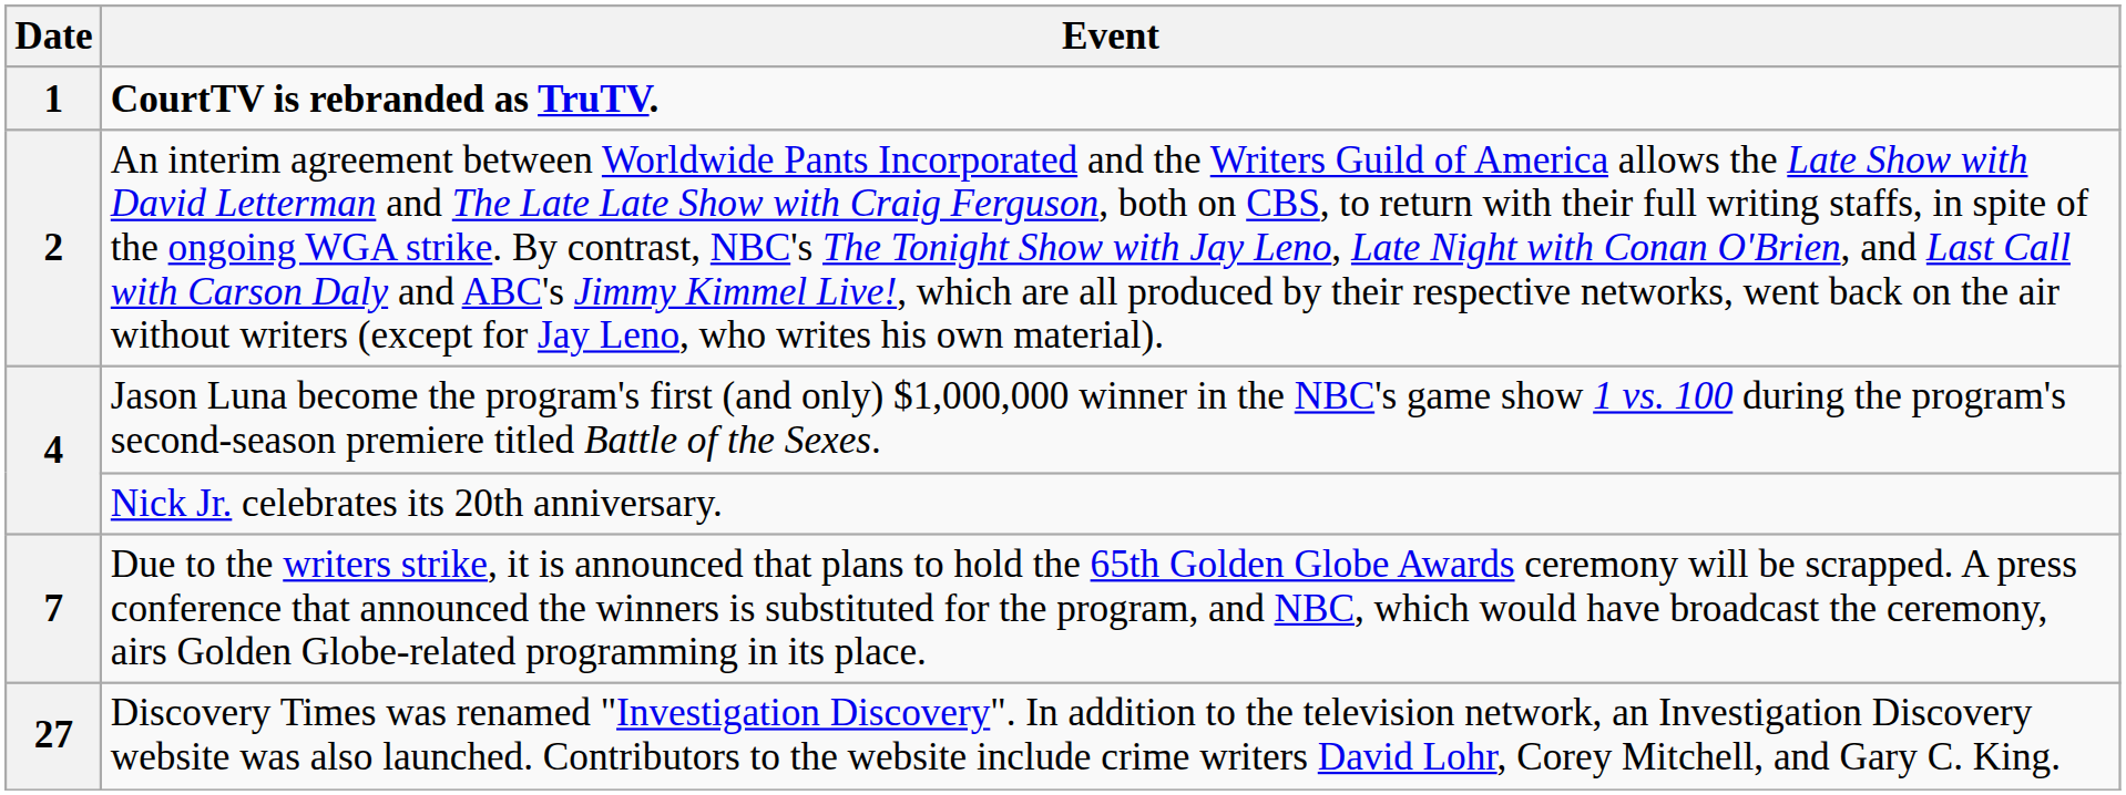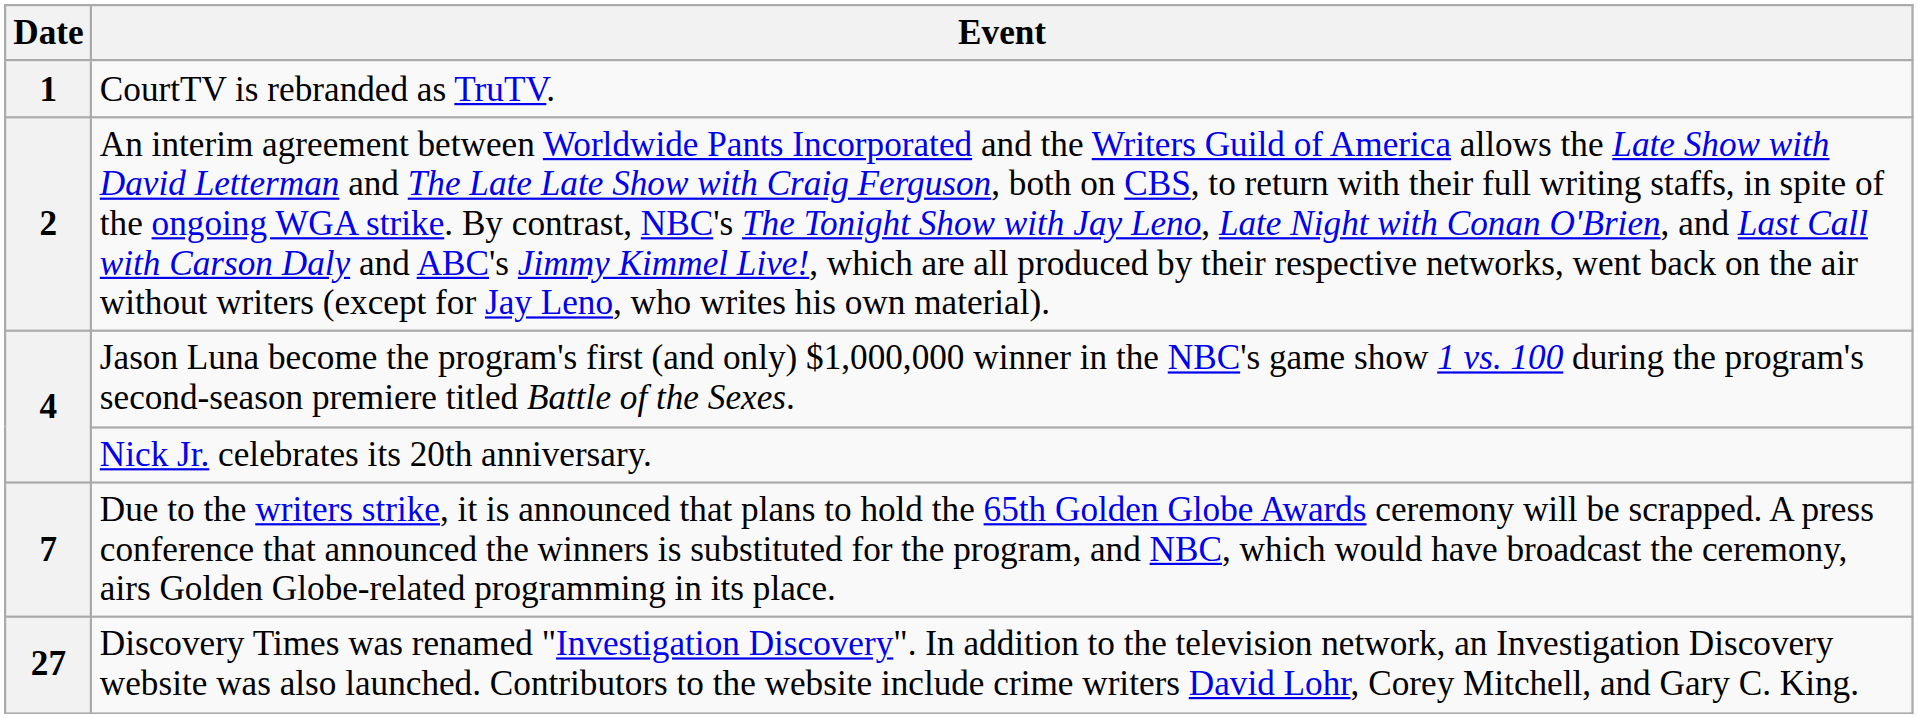 <table class="wikitable">
 <tr>
 <th>Date</th>
 <th>Event</th>
 </tr>
 <tr>
 <th>1</th>
-<td><strong>CourtTV is rebranded as <a href='#'>TruTV</a>.</strong></td>
+<td>CourtTV is rebranded as <a href='#'>TruTV</a>.</td>
 </tr>
 <tr>
 <th>2</th>
 <td>An interim agreement between <a href='#'>Worldwide Pants Incorporated</a> and the <a href='#'>Writers Guild of America</a> allows the <em><a href='#'>Late Show with David Letterman</a></em> and <em><a href='#'>The Late Late Show with Craig Ferguson</a></em>, both on <a href='#'>CBS</a>, to return with their full writing staffs, in spite of the <a href='#'>ongoing WGA strike</a>. By contrast, <a href='#'>NBC</a>'s <em><a href='#'>The Tonight Show with Jay Leno</a></em>, <em><a href='#'>Late Night with Conan O'Brien</a></em>, and <em><a href='#'>Last Call with Carson Daly</a></em> and <a href='#'>ABC</a>'s <em><a href='#'>Jimmy Kimmel Live!</a></em>, which are all produced by their respective networks, went back on the air without writers (except for <a href='#'>Jay Leno</a>, who writes his own material).</td>
 </tr>
 <tr>
 <th rowspan=2>4</th>
 <td>Jason Luna become the program's first (and only) $1,000,000 winner in the <a href='#'>NBC</a>'s game show <em><a href='#'>1 vs. 100</a></em> during the program's second-season premiere titled <em>Battle of the Sexes</em>.</td>
 </tr>
 <tr>
 <td><a href='#'>Nick Jr.</a> celebrates its 20th anniversary.</td>
 </tr>
 <tr>
 <th>7</th>
 <td>Due to the <a href='#'>writers strike</a>, it is announced that plans to hold the <a href='#'>65th Golden Globe Awards</a> ceremony will be scrapped. A press conference that announced the winners is substituted for the program, and <a href='#'>NBC</a>, which would have broadcast the ceremony, airs Golden Globe-related programming in its place.</td>
 </tr>
 <tr>
 <th>27</th>
 <td>Discovery Times was renamed "<a href='#'>Investigation Discovery</a>". In addition to the television network, an Investigation Discovery website was also launched. Contributors to the website include crime writers <a href='#'>David Lohr</a>, Corey Mitchell, and Gary C. King.</td>
 </tr>
 </table>
